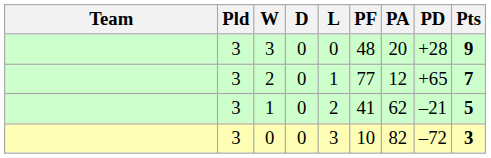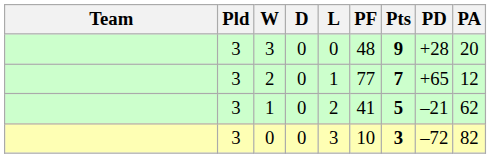 <table class="wikitable" style="text-align:center;">
 <tr>
 <th width=175>Team</th>
 <th width=20 abbr="Played">Pld</th>
 <th width=20 abbr="Won">W</th>
 <th width=20 abbr="Drawn">D</th>
 <th width=20 abbr="Lost">L</th>
 <th width=20 abbr="Points for">PF</th>
+<th width=20 abbr="Points">Pts</th>
+<th width=25 abbr="Points difference">PD</th>
 <th width=20 abbr="Points against">PA</th>
-<th width=25 abbr="Points difference">PD</th>
-<th width=20 abbr="Points">Pts</th>
 </tr>
 <tr bgcolor=ccffcc>
 <td align=left></td>
 <td>3</td>
 <td>3</td>
 <td>0</td>
 <td>0</td>
 <td>48</td>
+<td><strong>9</strong></td>
+<td>+28</td>
 <td>20</td>
-<td>+28</td>
-<td><strong>9</strong></td>
 </tr>
 <tr bgcolor=ccffcc>
 <td align=left></td>
 <td>3</td>
 <td>2</td>
 <td>0</td>
 <td>1</td>
 <td>77</td>
+<td><strong>7</strong></td>
+<td>+65</td>
 <td>12</td>
-<td>+65</td>
-<td><strong>7</strong></td>
 </tr>
 <tr bgcolor=ccffcc>
 <td align=left></td>
 <td>3</td>
 <td>1</td>
 <td>0</td>
 <td>2</td>
 <td>41</td>
+<td><strong>5</strong></td>
+<td>–21</td>
 <td>62</td>
-<td>–21</td>
-<td><strong>5</strong></td>
 </tr>
 <tr bgcolor=feffb4>
 <td align=left></td>
 <td>3</td>
 <td>0</td>
 <td>0</td>
 <td>3</td>
 <td>10</td>
+<td><strong>3</strong></td>
+<td>–72</td>
 <td>82</td>
-<td>–72</td>
-<td><strong>3</strong></td>
 </tr>
 </table>
